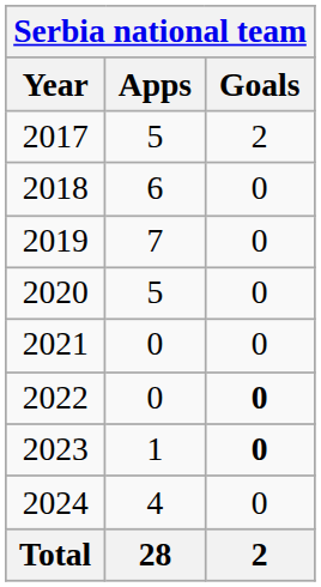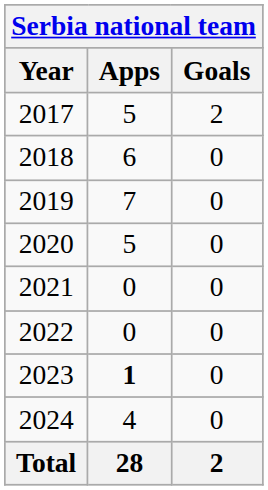 <table class="wikitable" style="text-align:center">
 <tr>
 <th colspan=4><a href='#'>Serbia national team</a></th>
 </tr>
 <tr>
 <th>Year</th>
 <th>Apps</th>
 <th>Goals</th>
 </tr>
 <tr>
 <td>2017</td>
 <td>5</td>
 <td>2</td>
 </tr>
 <tr>
 <td>2018</td>
 <td>6</td>
 <td>0</td>
 </tr>
 <tr>
 <td>2019</td>
 <td>7</td>
 <td>0</td>
 </tr>
 <tr>
 <td>2020</td>
 <td>5</td>
 <td>0</td>
 </tr>
 <tr>
 <td>2021</td>
 <td>0</td>
 <td>0</td>
 </tr>
 <tr>
 <td>2022</td>
 <td>0</td>
-<td><strong>0</strong></td>
+<td>0</td>
 </tr>
 <tr>
 <td>2023</td>
-<td>1</td>
-<td><strong>0</strong></td>
+<td><strong>1</strong></td>
+<td>0</td>
 </tr>
 <tr>
 <td>2024</td>
 <td>4</td>
 <td>0</td>
 </tr>
 <tr>
 <th>Total</th>
 <th>28</th>
 <th>2</th>
 </tr>
 </table>
